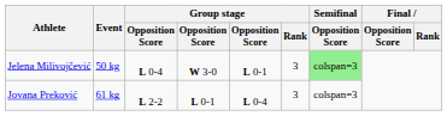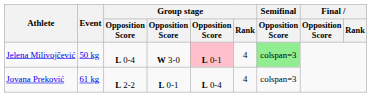 <table class="wikitable" style="font-size:90%">
 <tr>
 <th rowspan="2">Athlete</th>
 <th rowspan="2">Event</th>
 <th colspan="4">Group stage</th>
 <th>Semifinal</th>
 <th colspan=2>Final / </th>
 </tr>
 <tr style="font-size:95%">
 <th>Opposition <br> Score</th>
 <th>Opposition <br> Score</th>
 <th>Opposition <br> Score</th>
 <th>Rank</th>
 <th>Opposition <br> Score</th>
 <th>Opposition <br> Score</th>
 <th>Rank</th>
 </tr>
 <tr align=center>
 <td align=left><a href='#'>Jelena Milivojčević</a></td>
 <td align=left><a href='#'>50 kg</a></td>
 <td><br><strong>L</strong> 0-4</td>
 <td><br><strong>W</strong> 3-0</td>
-<td><br><strong>L</strong> 0-1</td>
-<td>3</td>
+<td style="background: pink;"><br><strong>L</strong> 0-1</td>
+<td>4</td>
 <td style="background: lightgreen;">colspan=3 </td>
 </tr>
 <tr align=center>
 <td align=left><a href='#'>Jovana Preković</a></td>
 <td align=left><a href='#'>61 kg</a></td>
 <td><br><strong>L</strong> 2-2</td>
 <td><br><strong>L</strong> 0-1</td>
 <td><br><strong>L</strong> 0-4</td>
-<td>3</td>
+<td>4</td>
 <td>colspan=3 </td>
 </tr>
 </table>
